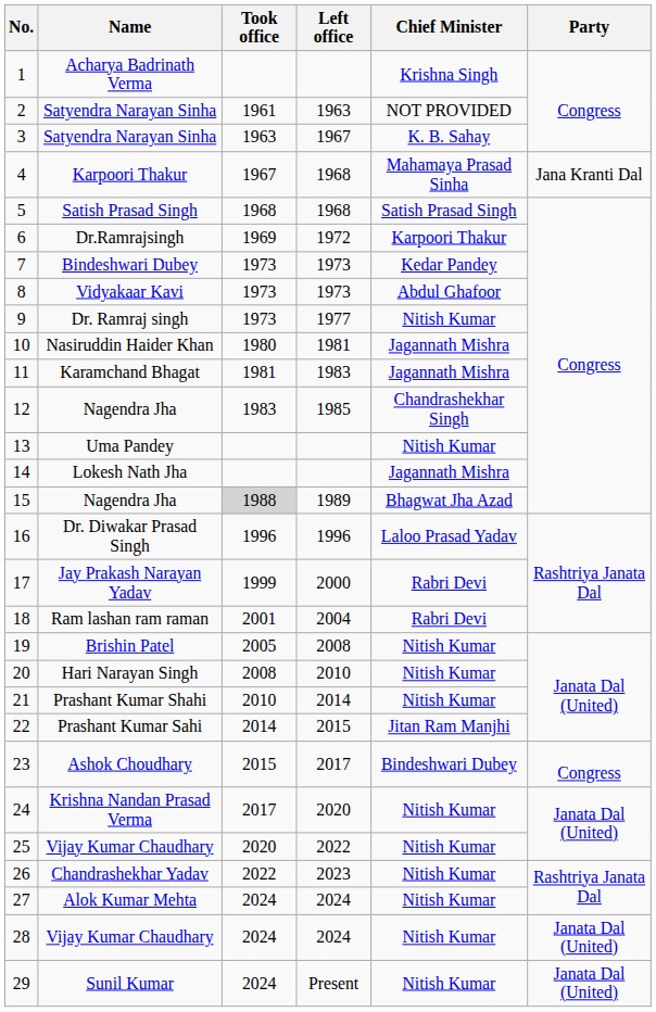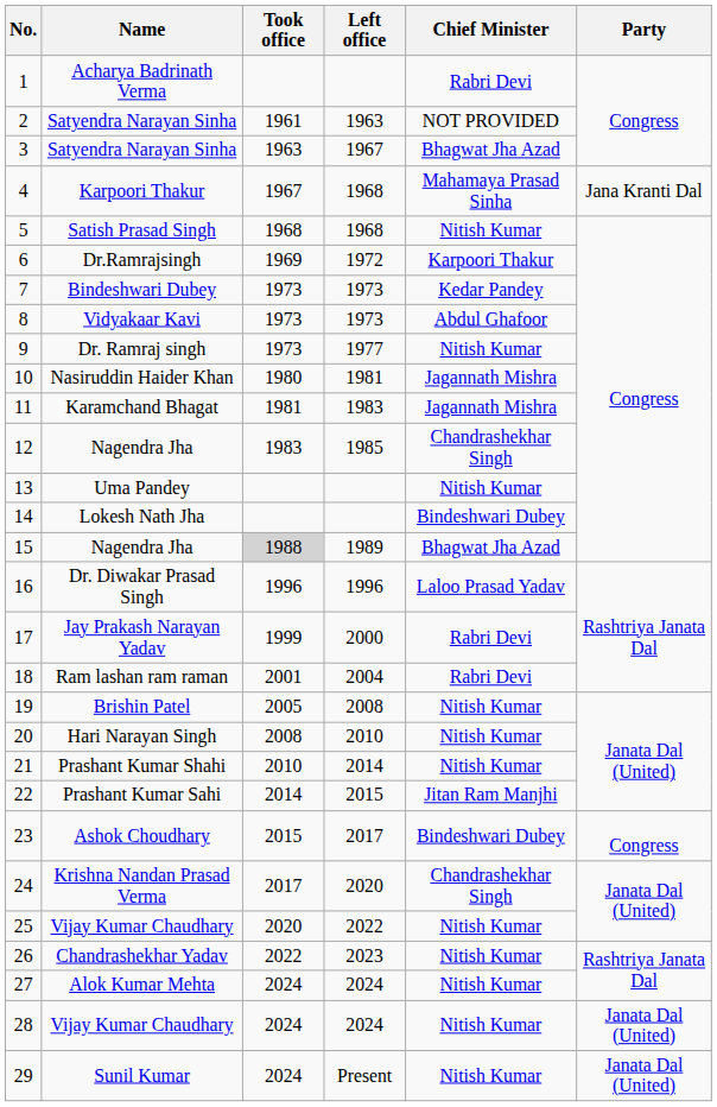 <table class="wikitable sortable">
 <tr>
 <th>No.</th>
 <th>Name</th>
 <th>Took office</th>
 <th>Left office</th>
 <th>Chief Minister</th>
 <th>Party</th>
 </tr>
 <tr align="center">
 <td>1</td>
 <td><a href='#'>Acharya Badrinath Verma</a></td>
 <td></td>
 <td></td>
-<td><a href='#'>Krishna Singh</a></td>
+<td><a href='#'>Rabri Devi</a></td>
 <td rowspan="3"><br><a href='#'>Congress</a></td>
 </tr>
 <tr align="center">
 <td>2</td>
 <td><a href='#'>Satyendra Narayan Sinha</a></td>
 <td>1961</td>
 <td>1963</td>
 <td>NOT PROVIDED</td>
 </tr>
 <tr align="center">
 <td>3</td>
 <td><a href='#'>Satyendra Narayan Sinha</a></td>
 <td>1963</td>
 <td>1967</td>
-<td><a href='#'>K. B. Sahay</a></td>
+<td><a href='#'>Bhagwat Jha Azad</a></td>
 </tr>
 <tr align="center">
 <td>4</td>
 <td><a href='#'>Karpoori Thakur</a></td>
 <td>1967</td>
 <td>1968</td>
 <td><a href='#'>Mahamaya Prasad Sinha</a></td>
 <td>Jana Kranti Dal</td>
 </tr>
 <tr align="center">
 <td>5</td>
 <td><a href='#'>Satish Prasad Singh</a></td>
 <td>1968</td>
 <td>1968</td>
-<td><a href='#'>Satish Prasad Singh</a></td>
+<td><a href='#'>Nitish Kumar</a></td>
 <td rowspan="11"><br><a href='#'>Congress</a></td>
 </tr>
 <tr align="center">
 <td>6</td>
 <td>Dr.Ramrajsingh</td>
 <td>1969</td>
 <td>1972</td>
 <td><a href='#'>Karpoori Thakur</a></td>
 </tr>
 <tr align="center">
 <td>7</td>
 <td><a href='#'>Bindeshwari Dubey</a></td>
 <td>1973</td>
 <td>1973</td>
 <td><a href='#'>Kedar Pandey</a></td>
 </tr>
 <tr align="center">
 <td>8</td>
 <td><a href='#'>Vidyakaar Kavi</a></td>
 <td>1973</td>
 <td>1973</td>
 <td><a href='#'>Abdul Ghafoor</a></td>
 </tr>
 <tr align="center">
 <td>9</td>
 <td>Dr. Ramraj singh</td>
 <td>1973</td>
 <td>1977</td>
 <td><a href='#'>Nitish Kumar</a></td>
 </tr>
 <tr align="center">
 <td>10</td>
 <td>Nasiruddin Haider Khan</td>
 <td>1980</td>
 <td>1981</td>
 <td><a href='#'>Jagannath Mishra</a></td>
 </tr>
 <tr align="center">
 <td>11</td>
 <td>Karamchand Bhagat</td>
 <td>1981</td>
 <td>1983</td>
 <td><a href='#'>Jagannath Mishra</a></td>
 </tr>
 <tr align="center">
 <td>12</td>
 <td>Nagendra Jha</td>
 <td>1983</td>
 <td>1985</td>
 <td><a href='#'>Chandrashekhar Singh</a></td>
 </tr>
 <tr align="center">
 <td>13</td>
 <td>Uma Pandey</td>
 <td></td>
 <td></td>
 <td><a href='#'>Nitish Kumar</a></td>
 </tr>
 <tr align="center">
 <td>14</td>
 <td>Lokesh Nath Jha</td>
 <td></td>
 <td></td>
-<td><a href='#'>Jagannath Mishra</a></td>
+<td><a href='#'>Bindeshwari Dubey</a></td>
 </tr>
 <tr align="center">
 <td>15</td>
 <td>Nagendra Jha</td>
 <td style="background: lightgrey;">1988</td>
 <td>1989</td>
 <td><a href='#'>Bhagwat Jha Azad</a></td>
 </tr>
 <tr align="center">
 <td>16</td>
 <td>Dr. Diwakar Prasad Singh</td>
 <td>1996</td>
 <td>1996</td>
 <td><a href='#'>Laloo Prasad Yadav</a></td>
 <td rowspan="3"><br><a href='#'>Rashtriya Janata Dal</a></td>
 </tr>
 <tr align="center">
 <td>17</td>
 <td><a href='#'>Jay Prakash Narayan Yadav</a></td>
 <td>1999</td>
 <td>2000</td>
 <td><a href='#'>Rabri Devi</a></td>
 </tr>
 <tr align="center">
 <td>18</td>
 <td>Ram lashan ram raman</td>
 <td>2001</td>
 <td>2004</td>
 <td><a href='#'>Rabri Devi</a></td>
 </tr>
 <tr align="center">
 <td>19</td>
 <td><a href='#'>Brishin Patel</a></td>
 <td>2005</td>
 <td>2008</td>
 <td><a href='#'>Nitish Kumar</a></td>
 <td rowspan="4"><br><a href='#'>Janata Dal (United)</a></td>
 </tr>
 <tr align="center">
 <td>20</td>
 <td>Hari Narayan Singh</td>
 <td>2008</td>
 <td>2010</td>
 <td><a href='#'>Nitish Kumar</a></td>
 </tr>
 <tr align="center">
 <td>21</td>
 <td>Prashant Kumar Shahi</td>
 <td>2010</td>
 <td>2014</td>
 <td><a href='#'>Nitish Kumar</a></td>
 </tr>
 <tr align="center">
 <td>22</td>
 <td>Prashant Kumar Sahi</td>
 <td>2014</td>
 <td>2015</td>
 <td><a href='#'>Jitan Ram Manjhi</a></td>
 </tr>
 <tr align="center">
 <td>23</td>
 <td><a href='#'>Ashok Choudhary</a></td>
 <td>2015</td>
 <td>2017</td>
 <td><a href='#'>Bindeshwari Dubey</a></td>
 <td><br><a href='#'>Congress</a></td>
 </tr>
 <tr align="center">
 <td>24</td>
 <td><a href='#'>Krishna Nandan Prasad Verma</a></td>
 <td>2017</td>
 <td>2020</td>
-<td><a href='#'>Nitish Kumar</a></td>
+<td><a href='#'>Chandrashekhar Singh</a></td>
 <td rowspan="2"><a href='#'>Janata Dal (United)</a></td>
 </tr>
 <tr align="center">
 <td>25</td>
 <td><a href='#'>Vijay Kumar Chaudhary</a></td>
 <td>2020</td>
 <td>2022</td>
 <td><a href='#'>Nitish Kumar</a></td>
 </tr>
 <tr align="center">
 <td>26</td>
 <td><a href='#'>Chandrashekhar Yadav</a></td>
 <td>2022</td>
 <td>2023</td>
 <td><a href='#'>Nitish Kumar</a></td>
 <td rowspan="2"><a href='#'>Rashtriya Janata Dal</a></td>
 </tr>
 <tr align="center">
 <td>27</td>
 <td><a href='#'>Alok Kumar Mehta</a></td>
 <td>2024</td>
 <td>2024</td>
 <td><a href='#'>Nitish Kumar</a></td>
 </tr>
 <tr align="center">
 <td>28</td>
 <td><a href='#'>Vijay Kumar Chaudhary</a></td>
 <td>2024</td>
 <td>2024</td>
 <td><a href='#'>Nitish Kumar</a></td>
 <td><a href='#'>Janata Dal (United)</a></td>
 </tr>
 <tr align="center">
 <td>29</td>
 <td><a href='#'>Sunil Kumar</a></td>
 <td>2024</td>
 <td>Present</td>
 <td><a href='#'>Nitish Kumar</a></td>
 <td><a href='#'>Janata Dal (United)</a></td>
 </tr>
 </table>
